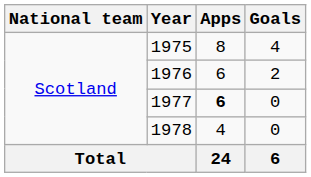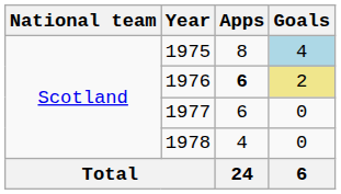 <table class="wikitable" style="text-align:center">
 <tr>
 <th>National team</th>
 <th>Year</th>
 <th>Apps</th>
 <th>Goals</th>
 </tr>
 <tr>
 <td rowspan="4"><a href='#'>Scotland</a></td>
 <td>1975</td>
 <td>8</td>
-<td>4</td>
+<td style="background: lightblue;">4</td>
 </tr>
 <tr>
 <td>1976</td>
-<td>6</td>
-<td>2</td>
+<td><strong>6</strong></td>
+<td style="background: khaki;">2</td>
 </tr>
 <tr>
 <td>1977</td>
-<td><strong>6</strong></td>
+<td>6</td>
 <td>0</td>
 </tr>
 <tr>
 <td>1978</td>
 <td>4</td>
 <td>0</td>
 </tr>
 <tr>
 <th colspan="2">Total</th>
 <th>24</th>
 <th>6</th>
 </tr>
 </table>
